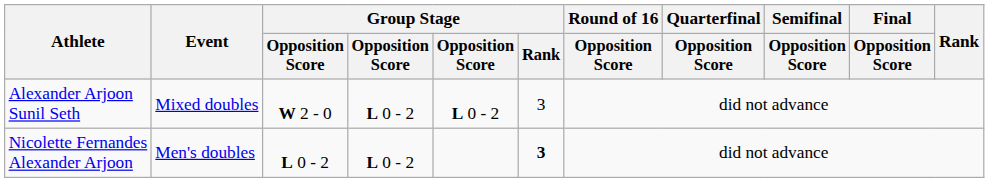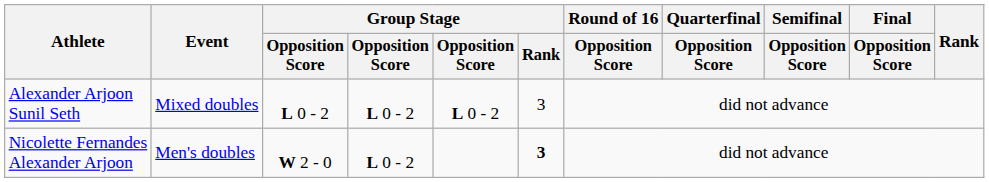 <table class="wikitable" style="font-size:90%">
 <tr>
 <th rowspan=2>Athlete</th>
 <th rowspan=2>Event</th>
 <th colspan=4>Group Stage</th>
 <th>Round of 16</th>
 <th>Quarterfinal</th>
 <th>Semifinal</th>
 <th>Final</th>
 <th rowspan=2>Rank</th>
 </tr>
 <tr style="font-size:95%">
 <th>Opposition<br>Score</th>
 <th>Opposition<br>Score</th>
 <th>Opposition<br>Score</th>
 <th>Rank</th>
 <th>Opposition<br>Score</th>
 <th>Opposition<br>Score</th>
 <th>Opposition<br>Score</th>
 <th>Opposition<br>Score</th>
 </tr>
 <tr align=center>
 <td align=left><a href='#'>Alexander Arjoon</a><br><a href='#'>Sunil Seth</a></td>
 <td align=left><a href='#'>Mixed doubles</a></td>
-<td><br><strong>W</strong> 2 - 0</td>
+<td><br><strong>L</strong> 0 - 2</td>
 <td><br><strong>L</strong> 0 - 2</td>
 <td><br><strong>L</strong> 0 - 2</td>
 <td>3</td>
 <td colspan=5>did not advance</td>
 </tr>
 <tr align=center>
 <td align=left><a href='#'>Nicolette Fernandes</a><br><a href='#'>Alexander Arjoon</a></td>
 <td align=left><a href='#'>Men's doubles</a></td>
-<td><br><strong>L</strong> 0 - 2</td>
+<td><br><strong>W</strong> 2 - 0</td>
 <td><br><strong>L</strong> 0 - 2</td>
 <td></td>
 <td><strong>3</strong></td>
 <td colspan=5>did not advance</td>
 </tr>
 </table>
